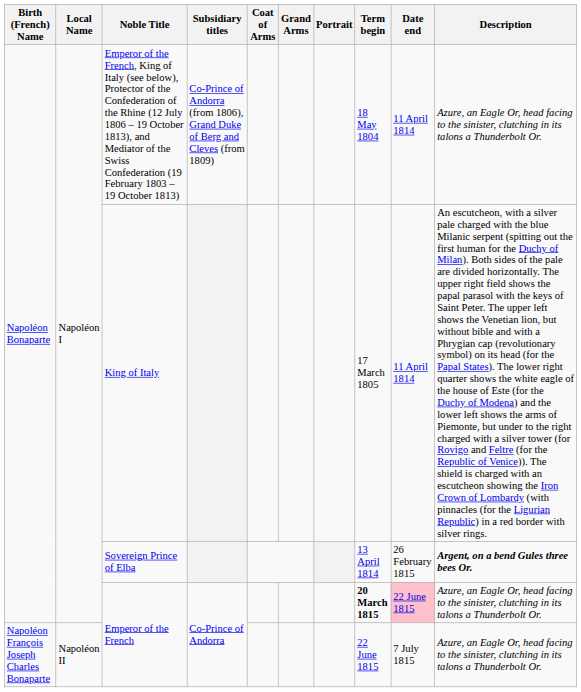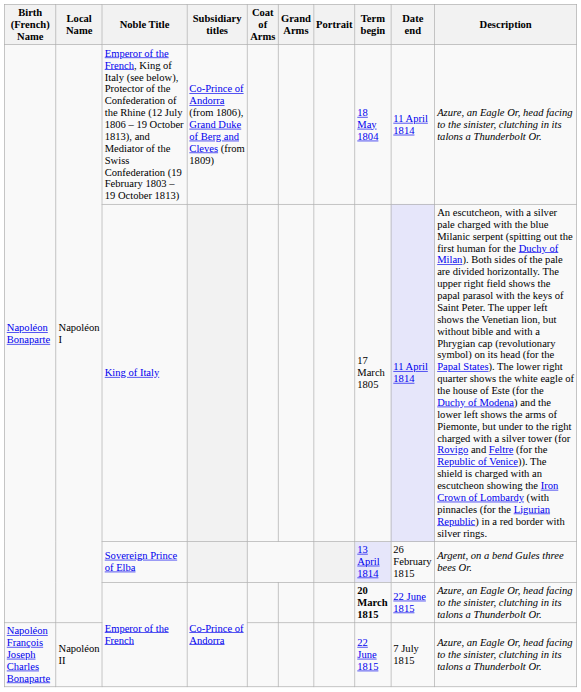 <table class="wikitable">
 <tr>
 <th>Birth (French) Name</th>
 <th>Local Name</th>
 <th>Noble Title</th>
 <th>Subsidiary titles</th>
 <th>Coat of Arms</th>
 <th>Grand Arms</th>
 <th>Portrait</th>
 <th>Term begin</th>
 <th>Date end</th>
 <th>Description</th>
 </tr>
 <tr>
 <td rowspan="4"><a href='#'>Napoléon Bonaparte</a></td>
 <td rowspan="4">Napoléon I</td>
 <td><a href='#'>Emperor of the French</a>, King of Italy (see below), Protector of the Confederation of the Rhine (12 July 1806 – 19 October 1813), and Mediator of the Swiss Confederation (19 February 1803 – 19 October 1813)</td>
 <td><a href='#'>Co-Prince of Andorra</a> (from 1806), <a href='#'>Grand Duke of Berg and Cleves</a> (from 1809)</td>
 <td></td>
 <td></td>
 <td></td>
 <td><a href='#'>18 May 1804</a></td>
 <td><a href='#'>11 April 1814</a></td>
 <td><em>Azure, an Eagle Or, head facing to the sinister, clutching in its talons a Thunderbolt Or.</em></td>
 </tr>
 <tr>
 <td><a href='#'>King of Italy</a></td>
 <th></th>
 <td></td>
 <td></td>
 <td></td>
 <td>17 March 1805</td>
-<td><a href='#'>11 April 1814</a></td>
+<td style="background: lavender;"><a href='#'>11 April 1814</a></td>
 <td>An escutcheon, with a silver pale charged with the blue Milanic serpent (spitting out the first human for the <a href='#'>Duchy of Milan</a>). Both sides of the pale are divided horizontally. The upper right field shows the papal parasol with the keys of Saint Peter. The upper left shows the Venetian lion, but without bible and with a Phrygian cap (revolutionary symbol) on its head (for the <a href='#'>Papal States</a>). The lower right quarter shows the white eagle of the house of Este (for the <a href='#'>Duchy of Modena</a>) and the lower left shows the arms of Piemonte, but under to the right charged with a silver tower (for <a href='#'>Rovigo</a> and <a href='#'>Feltre</a> (for the <a href='#'>Republic of Venice</a>)). The shield is charged with an escutcheon showing the <a href='#'>Iron Crown of Lombardy</a> (with pinnacles (for the <a href='#'>Ligurian Republic</a>) in a red border with silver rings.</td>
 </tr>
 <tr>
 <td><a href='#'>Sovereign Prince of Elba</a></td>
 <th></th>
 <td colspan="2"></td>
 <th></th>
-<td><a href='#'>13 April 1814</a></td>
+<td style="background: lavender;"><a href='#'>13 April 1814</a></td>
 <td>26 February 1815</td>
-<td><strong><em>Argent, on a bend Gules three bees Or.</em></strong></td>
+<td><em>Argent, on a bend Gules three bees Or.</em></td>
 </tr>
 <tr>
 <td rowspan="2"><a href='#'>Emperor of the French</a></td>
 <td rowspan="2"><a href='#'>Co-Prince of Andorra</a></td>
 <td></td>
 <td></td>
 <td></td>
 <td><strong>20 March 1815</strong></td>
-<td style="background: pink;"><a href='#'>22 June 1815</a></td>
+<td><a href='#'>22 June 1815</a></td>
 <td><em>Azure, an Eagle Or, head facing to the sinister, clutching in its talons a Thunderbolt Or.</em></td>
 </tr>
 <tr>
 <td><a href='#'>Napoléon François Joseph Charles Bonaparte</a></td>
 <td>Napoléon II</td>
 <td></td>
 <td></td>
 <td></td>
 <td><a href='#'>22 June 1815</a></td>
 <td>7 July 1815</td>
 <td><em>Azure, an Eagle Or, head facing to the sinister, clutching in its talons a Thunderbolt Or.</em></td>
 </tr>
 </table>
